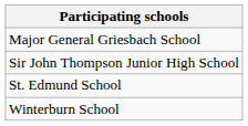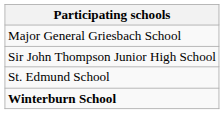 <table class="wikitable" align=right>
 <tr>
 <th>Participating schools</th>
 </tr>
 <tr>
 <td>Major General Griesbach School</td>
 </tr>
 <tr>
 <td>Sir John Thompson Junior High School</td>
 </tr>
 <tr>
 <td>St. Edmund School</td>
 </tr>
 <tr>
-<td>Winterburn School</td>
+<td><strong>Winterburn School</strong></td>
 </tr>
 </table>
